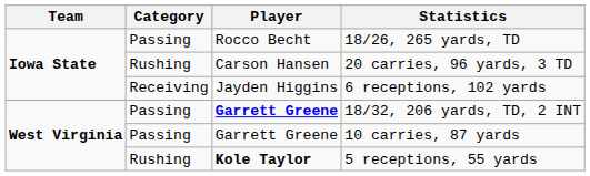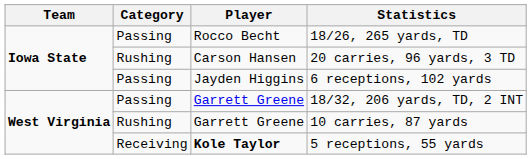 <table class="wikitable" style="float: right;">
 <tr>
 <th>Team</th>
 <th>Category</th>
 <th>Player</th>
 <th>Statistics</th>
 </tr>
 <tr>
 <td rowspan=3><strong>Iowa State</strong></td>
 <td>Passing</td>
 <td>Rocco Becht</td>
 <td>18/26, 265 yards, TD</td>
 </tr>
 <tr>
 <td>Rushing</td>
 <td>Carson Hansen</td>
 <td>20 carries, 96 yards, 3 TD</td>
 </tr>
 <tr>
-<td>Receiving</td>
+<td>Passing</td>
 <td>Jayden Higgins</td>
 <td>6 receptions, 102 yards</td>
 </tr>
 <tr>
 <td rowspan=3><strong>West Virginia</strong></td>
 <td>Passing</td>
-<td><strong><a href='#'>Garrett Greene</a></strong></td>
+<td><a href='#'>Garrett Greene</a></td>
 <td>18/32, 206 yards, TD, 2 INT</td>
 </tr>
 <tr>
-<td>Passing</td>
+<td>Rushing</td>
 <td>Garrett Greene</td>
 <td>10 carries, 87 yards</td>
 </tr>
 <tr>
-<td>Rushing</td>
+<td>Receiving</td>
 <td><strong>Kole Taylor</strong></td>
 <td>5 receptions, 55 yards</td>
 </tr>
 </table>
